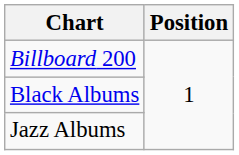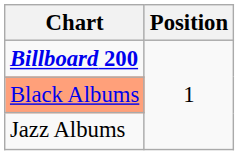 <table class="wikitable">
 <tr>
 <th>Chart</th>
 <th>Position</th>
 </tr>
 <tr>
-<td><a href='#'><em>Billboard</em> 200</a></td>
+<td><strong><a href='#'><em>Billboard</em> 200</a></strong></td>
 <td rowspan="3" style="text-align:center;">1</td>
 </tr>
 <tr>
-<td><a href='#'>Black Albums</a></td>
+<td style="background: lightsalmon;"><a href='#'>Black Albums</a></td>
 </tr>
 <tr>
 <td>Jazz Albums</td>
 </tr>
 </table>
